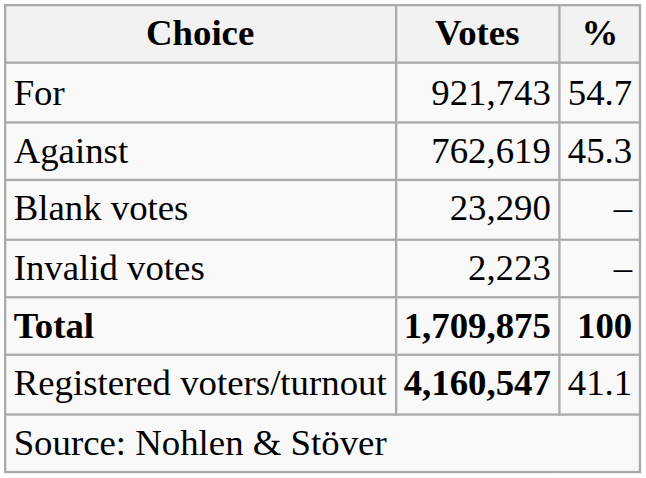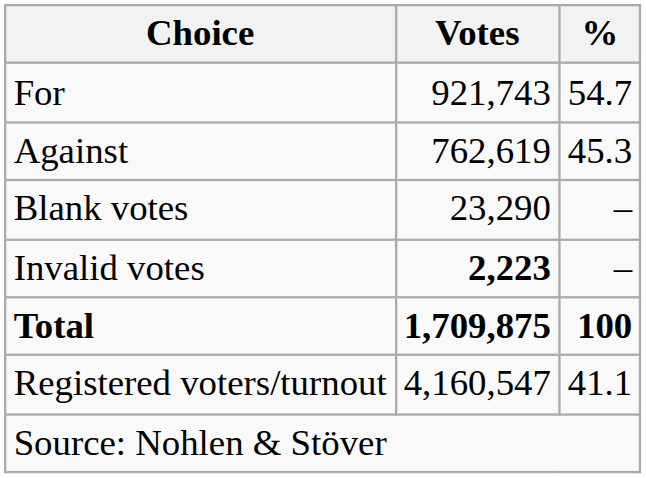 <table class=wikitable style=text-align:right>
 <tr>
 <th>Choice</th>
 <th>Votes</th>
 <th>%</th>
 </tr>
 <tr>
 <td align=left>For</td>
 <td>921,743</td>
 <td>54.7</td>
 </tr>
 <tr>
 <td align=left>Against</td>
 <td>762,619</td>
 <td>45.3</td>
 </tr>
 <tr>
 <td align=left>Blank votes</td>
 <td>23,290</td>
 <td>–</td>
 </tr>
 <tr>
 <td align=left>Invalid votes</td>
-<td>2,223</td>
+<td><strong>2,223</strong></td>
 <td>–</td>
 </tr>
 <tr>
 <td align=left><strong>Total</strong></td>
 <td><strong>1,709,875</strong></td>
 <td><strong>100</strong></td>
 </tr>
 <tr>
 <td align=left>Registered voters/turnout</td>
-<td><strong>4,160,547</strong></td>
+<td>4,160,547</td>
 <td>41.1</td>
 </tr>
 <tr>
 <td align=left colspan=3>Source: Nohlen & Stöver</td>
 </tr>
 </table>
